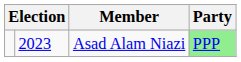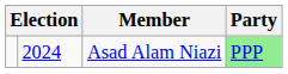 <table class="wikitable">
 <tr>
 <th colspan="2">Election</th>
 <th>Member</th>
 <th>Party</th>
 </tr>
 <tr>
 <td style="background-color: "></td>
-<td><a href='#'>2023</a></td>
+<td><a href='#'>2024</a></td>
 <td><a href='#'>Asad Alam Niazi</a></td>
 <td style="background: lightgreen;"><a href='#'>PPP</a></td>
 </tr>
 </table>
